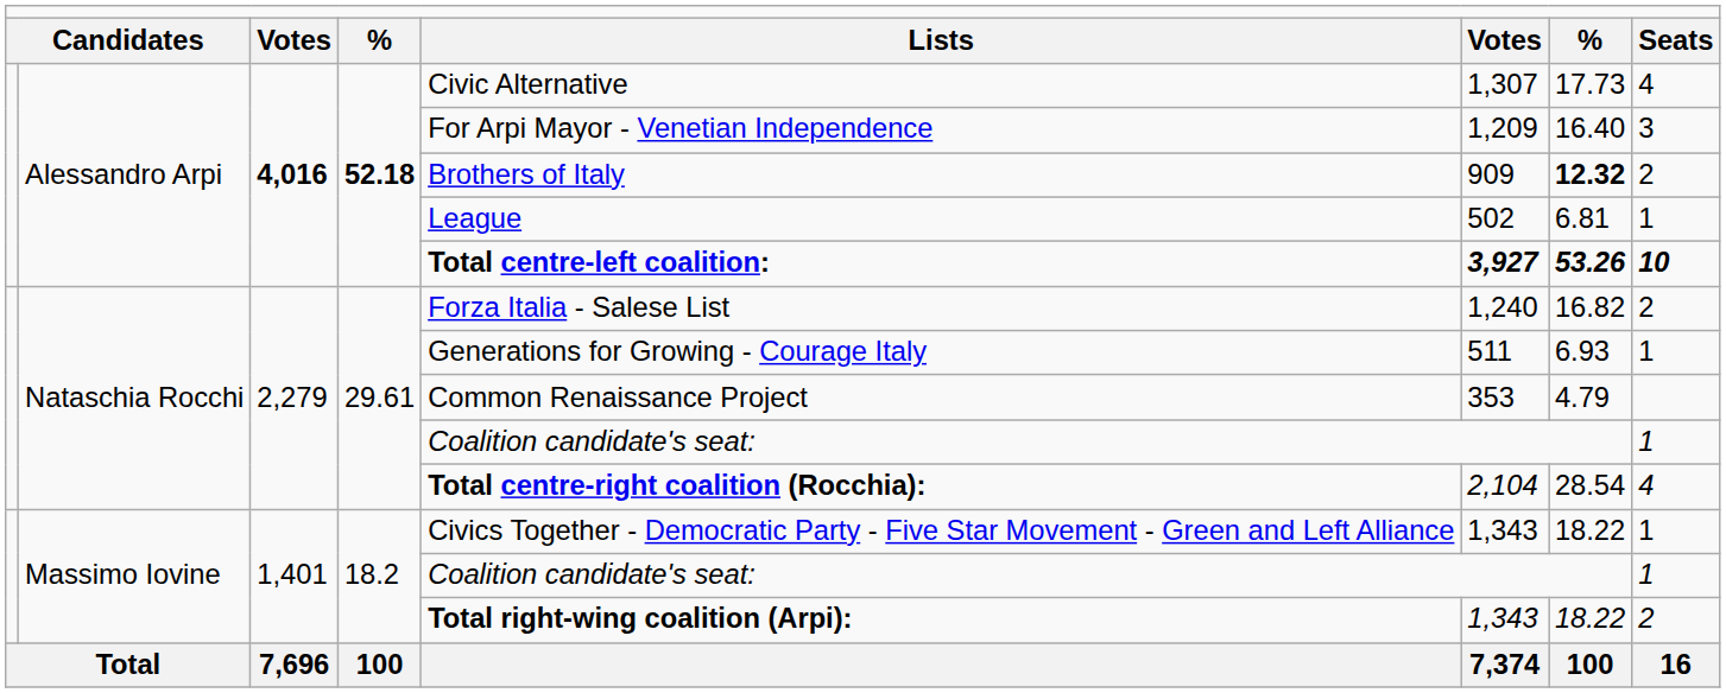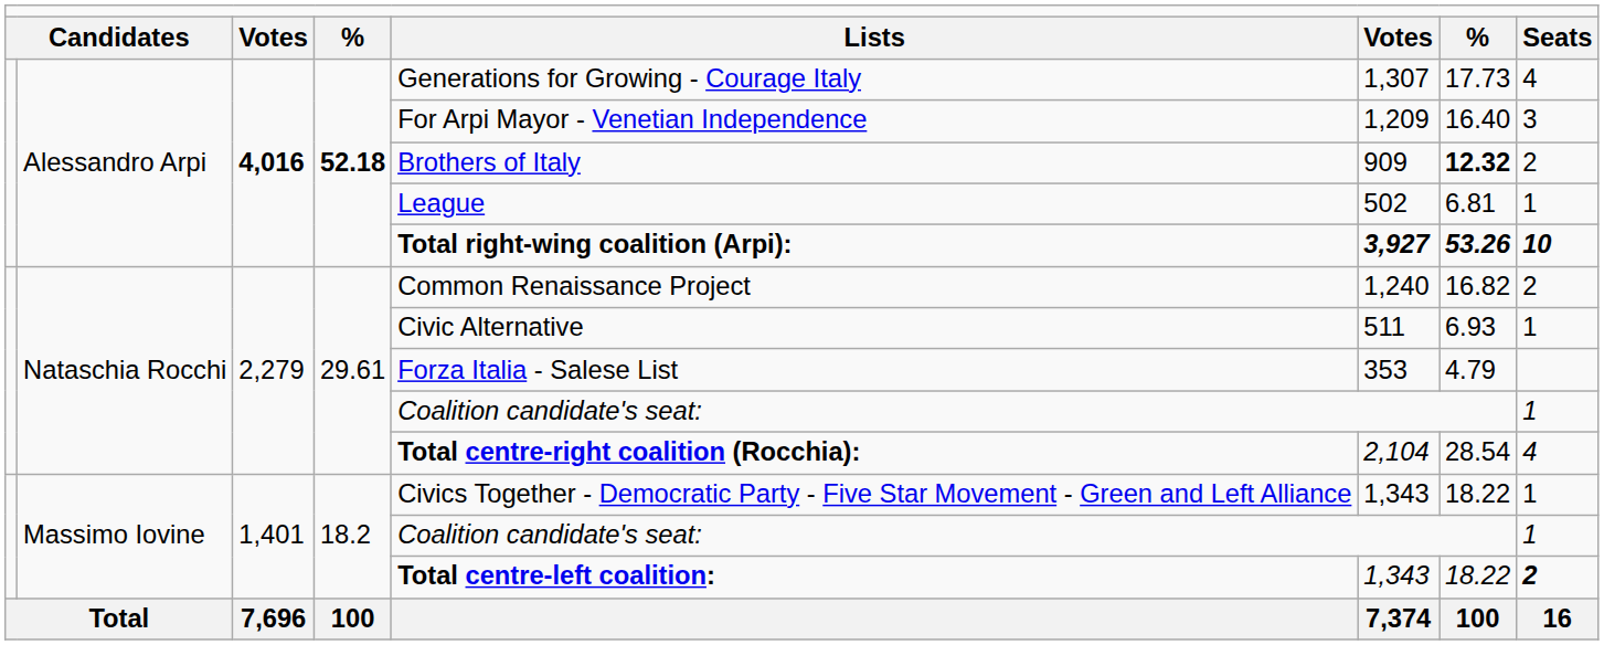 <table class="wikitable sortable">
 <tr>
 <td colspan="8"></td>
 </tr>
 <tr>
 <th colspan="2">Candidates</th>
 <th>Votes</th>
 <th>%</th>
 <th>Lists</th>
 <th>Votes</th>
 <th>%</th>
 <th>Seats</th>
 </tr>
 <tr>
 <td rowspan="5"></td>
 <td rowspan="5">Alessandro Arpi </td>
 <td rowspan="5"><strong>4,016</strong></td>
 <td rowspan="5"><strong>52.18</strong></td>
-<td>Civic Alternative</td>
+<td>Generations for Growing - <a href='#'>Courage Italy</a></td>
 <td>1,307</td>
 <td>17.73</td>
 <td>4</td>
 </tr>
 <tr>
 <td>For Arpi Mayor - <a href='#'>Venetian Independence</a></td>
 <td>1,209</td>
 <td>16.40</td>
 <td>3</td>
 </tr>
 <tr>
 <td><a href='#'>Brothers of Italy</a></td>
 <td>909</td>
 <td><strong>12.32</strong></td>
 <td>2</td>
 </tr>
 <tr>
 <td><a href='#'>League</a></td>
 <td>502</td>
 <td>6.81</td>
 <td>1</td>
 </tr>
 <tr>
-<td><strong>Total <a href='#'>centre-left coalition</a>:</strong></td>
+<td><strong>Total right-wing coalition (Arpi)</strong><strong>:</strong></td>
 <td><strong><em>3,927</em></strong></td>
 <td><strong><em>53.26</em></strong></td>
 <td><strong><em>10</em></strong></td>
 </tr>
 <tr>
 <td rowspan="5"></td>
 <td rowspan="5">Nataschia Rocchi</td>
 <td rowspan="5">2,279</td>
 <td rowspan="5">29.61</td>
-<td><a href='#'>Forza Italia</a> - Salese List</td>
+<td>Common Renaissance Project</td>
 <td>1,240</td>
 <td>16.82</td>
 <td>2</td>
 </tr>
 <tr>
-<td>Generations for Growing - <a href='#'>Courage Italy</a></td>
+<td>Civic Alternative</td>
 <td>511</td>
 <td>6.93</td>
 <td>1</td>
 </tr>
 <tr>
-<td>Common Renaissance Project</td>
+<td><a href='#'>Forza Italia</a> - Salese List</td>
 <td>353</td>
 <td>4.79</td>
 <td></td>
 </tr>
 <tr>
 <td colspan="3"><em>Coalition candidate's seat:</em></td>
 <td><em>1</em></td>
 </tr>
 <tr>
 <td><strong>Total <a href='#'>centre-right coalition</a> (Rocchia):</strong></td>
 <td><em>2,104</em></td>
 <td>28.54</td>
 <td><em>4</em></td>
 </tr>
 <tr>
 <td rowspan="3"></td>
 <td rowspan="3">Massimo Iovine</td>
 <td rowspan="3">1,401</td>
 <td rowspan="3">18.2</td>
 <td>Civics Together - <a href='#'>Democratic Party</a> - <a href='#'>Five Star Movement</a> -  <a href='#'>Green and Left Alliance</a></td>
 <td>1,343</td>
 <td>18.22</td>
 <td>1</td>
 </tr>
 <tr>
 <td colspan="3"><em>Coalition candidate's seat:</em></td>
 <td><em>1</em></td>
 </tr>
 <tr>
-<td><strong>Total right-wing coalition (Arpi)</strong><strong>:</strong></td>
+<td><strong>Total <a href='#'>centre-left coalition</a>:</strong></td>
 <td><em>1,343</em></td>
 <td><em>18.22</em></td>
-<td><em>2</em></td>
+<td><strong><em>2</em></strong></td>
 </tr>
 <tr>
 <th colspan="2">Total</th>
 <th>7,696</th>
 <th>100</th>
 <th></th>
 <th>7,374</th>
 <th>100</th>
 <th>16</th>
 </tr>
 </table>
